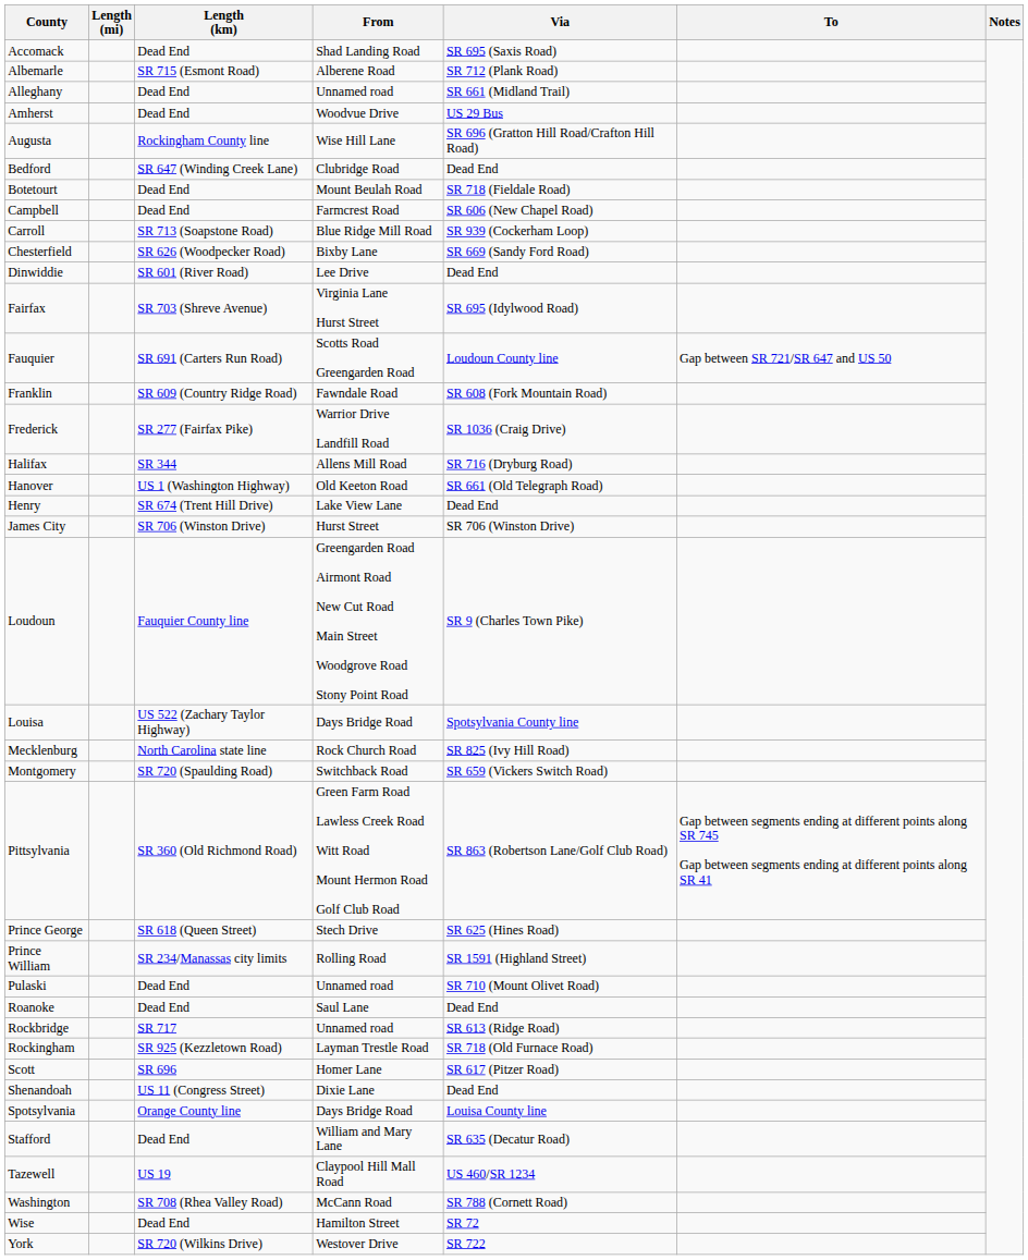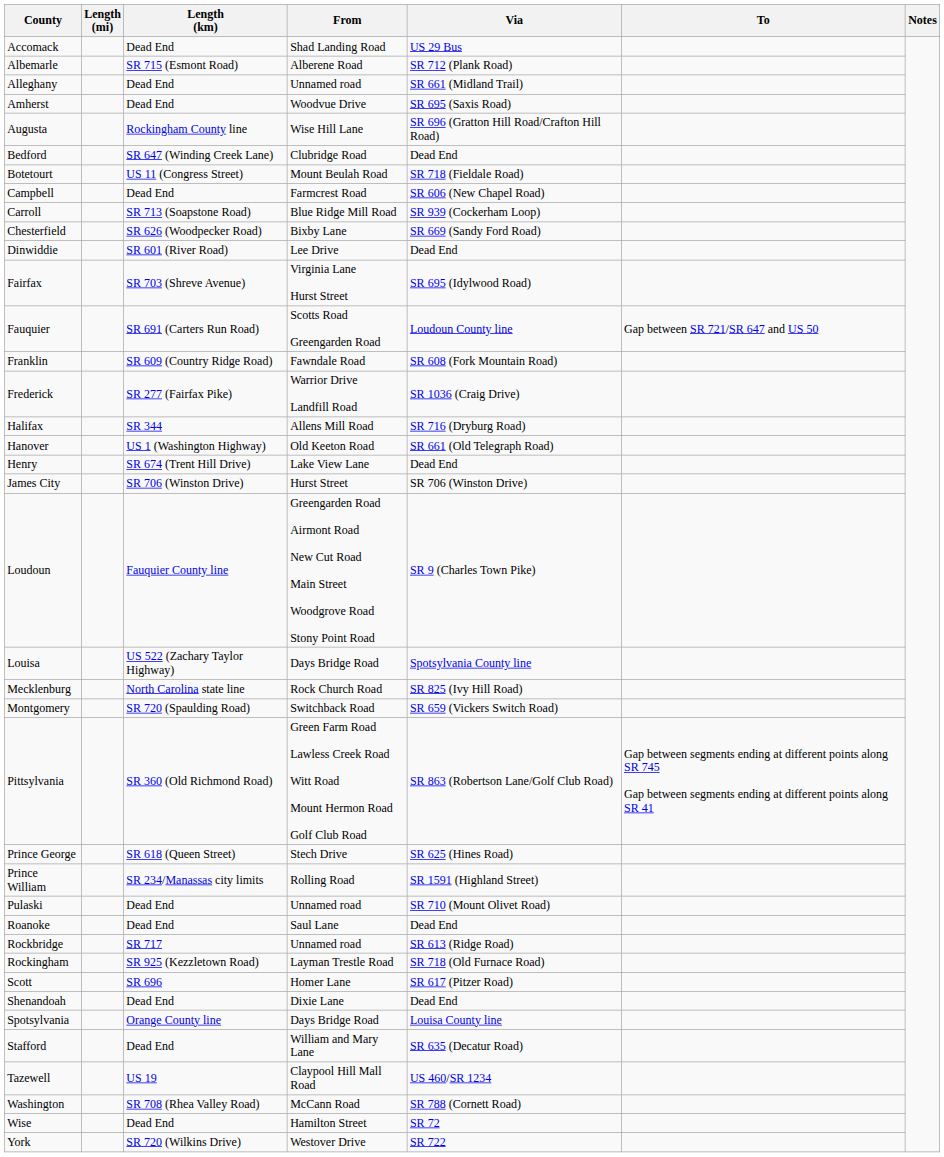 <table class="wikitable sortable">
 <tr>
 <th>County</th>
 <th>Length<br>(mi)</th>
 <th>Length<br>(km)</th>
 <th class="unsortable">From</th>
 <th class="unsortable">Via</th>
 <th class="unsortable">To</th>
 <th class="unsortable">Notes</th>
 </tr>
 <tr>
 <td id="Accomack">Accomack</td>
 <td></td>
 <td>Dead End</td>
 <td>Shad Landing Road</td>
-<td><a href='#'>SR 695</a> (Saxis Road)</td>
+<td><a href='#'>US 29 Bus</a></td>
 <td></td>
 </tr>
 <tr>
 <td id="Albemarle">Albemarle</td>
 <td></td>
 <td><a href='#'>SR 715</a> (Esmont Road)</td>
 <td>Alberene Road</td>
 <td><a href='#'>SR 712</a> (Plank Road)</td>
 <td></td>
 </tr>
 <tr>
 <td id="Alleghany">Alleghany</td>
 <td></td>
 <td>Dead End</td>
 <td>Unnamed road</td>
 <td><a href='#'>SR 661</a> (Midland Trail)</td>
 <td><br></td>
 </tr>
 <tr>
 <td id="Amherst">Amherst</td>
 <td></td>
 <td>Dead End</td>
 <td>Woodvue Drive</td>
-<td><a href='#'>US 29 Bus</a></td>
+<td><a href='#'>SR 695</a> (Saxis Road)</td>
 <td><br> </td>
 </tr>
 <tr>
 <td id="Augusta">Augusta</td>
 <td></td>
 <td><a href='#'>Rockingham County</a> line</td>
 <td>Wise Hill Lane</td>
 <td><a href='#'>SR 696</a> (Gratton Hill Road/Crafton Hill Road)</td>
 <td><br></td>
 </tr>
 <tr>
 <td id="Bedford">Bedford</td>
 <td></td>
 <td><a href='#'>SR 647</a> (Winding Creek Lane)</td>
 <td>Clubridge Road</td>
 <td>Dead End</td>
 <td><br></td>
 </tr>
 <tr>
 <td id="Botetourt">Botetourt</td>
 <td></td>
-<td>Dead End</td>
+<td><a href='#'>US 11</a> (Congress Street)</td>
 <td>Mount Beulah Road</td>
 <td><a href='#'>SR 718</a> (Fieldale Road)</td>
 <td><br>  </td>
 </tr>
 <tr>
 <td id="Campbell">Campbell</td>
 <td></td>
 <td>Dead End</td>
 <td>Farmcrest Road</td>
 <td><a href='#'>SR 606</a> (New Chapel Road)</td>
 <td><br></td>
 </tr>
 <tr>
 <td id="Carroll">Carroll</td>
 <td></td>
 <td><a href='#'>SR 713</a> (Soapstone Road)</td>
 <td>Blue Ridge Mill Road</td>
 <td><a href='#'>SR 939</a> (Cockerham Loop)</td>
 <td><br> </td>
 </tr>
 <tr>
 <td id="Chesterfield">Chesterfield</td>
 <td></td>
 <td><a href='#'>SR 626</a> (Woodpecker Road)</td>
 <td>Bixby Lane</td>
 <td><a href='#'>SR 669</a> (Sandy Ford Road)</td>
 <td><br>    </td>
 </tr>
 <tr>
 <td id="Dinwiddie">Dinwiddie</td>
 <td></td>
 <td><a href='#'>SR 601</a> (River Road)</td>
 <td>Lee Drive</td>
 <td>Dead End</td>
 <td><br></td>
 </tr>
 <tr>
 <td id="Fairfax">Fairfax</td>
 <td></td>
 <td><a href='#'>SR 703</a> (Shreve Avenue)</td>
 <td>Virginia Lane<br><br>Hurst Street</td>
 <td><a href='#'>SR 695</a> (Idylwood Road)</td>
 <td></td>
 </tr>
 <tr>
 <td id="Fauquier">Fauquier</td>
 <td></td>
 <td><a href='#'>SR 691</a> (Carters Run Road)</td>
 <td>Scotts Road<br><br>Greengarden Road</td>
 <td><a href='#'>Loudoun County line</a></td>
 <td>Gap between <a href='#'>SR 721</a>/<a href='#'>SR 647</a> and <a href='#'>US 50</a><br> </td>
 </tr>
 <tr>
 <td id="Franklin">Franklin</td>
 <td></td>
 <td><a href='#'>SR 609</a> (Country Ridge Road)</td>
 <td>Fawndale Road</td>
 <td><a href='#'>SR 608</a> (Fork Mountain Road)</td>
 <td></td>
 </tr>
 <tr>
 <td id="Frederick">Frederick</td>
 <td></td>
 <td><a href='#'>SR 277</a> (Fairfax Pike)</td>
 <td>Warrior Drive<br><br>Landfill Road</td>
 <td><a href='#'>SR 1036</a> (Craig Drive)</td>
 <td><br>     </td>
 </tr>
 <tr>
 <td id="Halifax">Halifax</td>
 <td></td>
 <td><a href='#'>SR 344</a></td>
 <td>Allens Mill Road</td>
 <td><a href='#'>SR 716</a> (Dryburg Road)</td>
 <td></td>
 </tr>
 <tr>
 <td id="Hanover">Hanover</td>
 <td></td>
 <td><a href='#'>US 1</a> (Washington Highway)</td>
 <td>Old Keeton Road</td>
 <td><a href='#'>SR 661</a> (Old Telegraph Road)</td>
 <td><br></td>
 </tr>
 <tr>
 <td id="Henry">Henry</td>
 <td></td>
 <td><a href='#'>SR 674</a> (Trent Hill Drive)</td>
 <td>Lake View Lane</td>
 <td>Dead End</td>
 <td><br> </td>
 </tr>
 <tr>
 <td id="James City">James City</td>
 <td></td>
 <td><a href='#'>SR 706</a> (Winston Drive)</td>
 <td>Hurst Street</td>
 <td>SR 706 (Winston Drive)</td>
 <td><br>    </td>
 </tr>
 <tr>
 <td id="Loudoun">Loudoun</td>
 <td></td>
 <td><a href='#'>Fauquier County line</a></td>
 <td>Greengarden Road<br><br>Airmont Road<br><br>New Cut Road<br><br>Main Street<br><br>Woodgrove Road<br><br>Stony Point Road</td>
 <td><a href='#'>SR 9</a> (Charles Town Pike)</td>
 <td></td>
 </tr>
 <tr>
 <td id="Louisa">Louisa</td>
 <td></td>
 <td><a href='#'>US 522</a> (Zachary Taylor Highway)</td>
 <td>Days Bridge Road</td>
 <td><a href='#'>Spotsylvania County line</a></td>
 <td><br>  </td>
 </tr>
 <tr>
 <td id="Mecklenburg">Mecklenburg</td>
 <td></td>
 <td><a href='#'>North Carolina</a> state line</td>
 <td>Rock Church Road</td>
 <td><a href='#'>SR 825</a> (Ivy Hill Road)</td>
 <td><br></td>
 </tr>
 <tr>
 <td id="Montgomery">Montgomery</td>
 <td></td>
 <td><a href='#'>SR 720</a> (Spaulding Road)</td>
 <td>Switchback Road</td>
 <td><a href='#'>SR 659</a> (Vickers Switch Road)</td>
 <td><br>       </td>
 </tr>
 <tr>
 <td id="Pittsylvania">Pittsylvania</td>
 <td></td>
 <td><a href='#'>SR 360</a> (Old Richmond Road)</td>
 <td>Green Farm Road<br><br>Lawless Creek Road<br><br>Witt Road<br><br>Mount Hermon Road<br><br>Golf Club Road</td>
 <td><a href='#'>SR 863</a> (Robertson Lane/Golf Club Road)</td>
 <td>Gap between segments ending at different points along <a href='#'>SR 745</a><br><br>Gap between segments ending at different points along <a href='#'>SR 41</a><br> </td>
 </tr>
 <tr>
 <td id="Prince George">Prince George</td>
 <td></td>
 <td><a href='#'>SR 618</a> (Queen Street)</td>
 <td>Stech Drive</td>
 <td><a href='#'>SR 625</a> (Hines Road)</td>
 <td></td>
 </tr>
 <tr>
 <td id="Prince William">Prince William</td>
 <td></td>
 <td><a href='#'>SR 234</a>/<a href='#'>Manassas</a> city limits</td>
 <td>Rolling Road</td>
 <td><a href='#'>SR 1591</a> (Highland Street)</td>
 <td></td>
 </tr>
 <tr>
 <td id="Pulaski">Pulaski</td>
 <td></td>
 <td>Dead End</td>
 <td>Unnamed road</td>
 <td><a href='#'>SR 710</a> (Mount Olivet Road)</td>
 <td><br> </td>
 </tr>
 <tr>
 <td id="Roanoke">Roanoke</td>
 <td></td>
 <td>Dead End</td>
 <td>Saul Lane</td>
 <td>Dead End</td>
 <td></td>
 </tr>
 <tr>
 <td id="Rockbridge">Rockbridge</td>
 <td></td>
 <td><a href='#'>SR 717</a></td>
 <td>Unnamed road</td>
 <td><a href='#'>SR 613</a> (Ridge Road)</td>
 <td></td>
 </tr>
 <tr>
 <td id="Rockingham">Rockingham</td>
 <td></td>
 <td><a href='#'>SR 925</a> (Kezzletown Road)</td>
 <td>Layman Trestle Road</td>
 <td><a href='#'>SR 718</a> (Old Furnace Road)</td>
 <td><br></td>
 </tr>
 <tr>
 <td id="Scott">Scott</td>
 <td></td>
 <td><a href='#'>SR 696</a></td>
 <td>Homer Lane</td>
 <td><a href='#'>SR 617</a> (Pitzer Road)</td>
 <td></td>
 </tr>
 <tr>
 <td id="Shenandoah">Shenandoah</td>
 <td></td>
-<td><a href='#'>US 11</a> (Congress Street)</td>
+<td>Dead End</td>
 <td>Dixie Lane</td>
 <td>Dead End</td>
 <td><br> </td>
 </tr>
 <tr>
 <td id="Spotsylvania">Spotsylvania</td>
 <td></td>
 <td><a href='#'>Orange County line</a></td>
 <td>Days Bridge Road</td>
 <td><a href='#'>Louisa County line</a></td>
 <td></td>
 </tr>
 <tr>
 <td id="Stafford">Stafford</td>
 <td></td>
 <td>Dead End</td>
 <td>William and Mary Lane</td>
 <td><a href='#'>SR 635</a> (Decatur Road)</td>
 <td><br> </td>
 </tr>
 <tr>
 <td id="Tazewell">Tazewell</td>
 <td></td>
 <td><a href='#'>US 19</a></td>
 <td>Claypool Hill Mall Road</td>
 <td><a href='#'>US 460</a>/<a href='#'>SR 1234</a></td>
 <td><br></td>
 </tr>
 <tr>
 <td id="Washington">Washington</td>
 <td></td>
 <td><a href='#'>SR 708</a> (Rhea Valley Road)</td>
 <td>McCann Road</td>
 <td><a href='#'>SR 788</a> (Cornett Road)</td>
 <td><br></td>
 </tr>
 <tr>
 <td id="Wise">Wise</td>
 <td></td>
 <td>Dead End</td>
 <td>Hamilton Street</td>
 <td><a href='#'>SR 72</a></td>
 <td><br></td>
 </tr>
 <tr>
 <td id="York">York</td>
 <td></td>
 <td><a href='#'>SR 720</a> (Wilkins Drive)</td>
 <td>Westover Drive</td>
 <td><a href='#'>SR 722</a></td>
 <td></td>
 </tr>
 </table>
